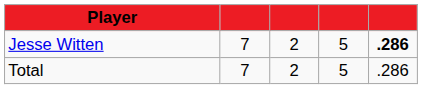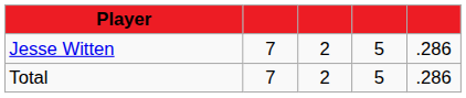 <table class="wikitable" style="text-align:center">
 <tr>
 <th style="background:#ED1C24; color:black" width="200px">Player</th>
 <th style="background:#ED1C24; color:black" width="40px"></th>
 <th style="background:#ED1C24; color:black" width="40px"></th>
 <th style="background:#ED1C24; color:black" width="40px"></th>
 <th style="background:#ED1C24; color:black" width="40px"></th>
 </tr>
 <tr>
 <td style="text-align:left"><a href='#'>Jesse Witten</a></td>
 <td>7</td>
 <td>2</td>
 <td>5</td>
-<td><strong>.286</strong></td>
+<td>.286</td>
 </tr>
 <tr>
 <td style="text-align:left">Total</td>
 <td>7</td>
 <td>2</td>
 <td>5</td>
 <td>.286</td>
 </tr>
 </table>
